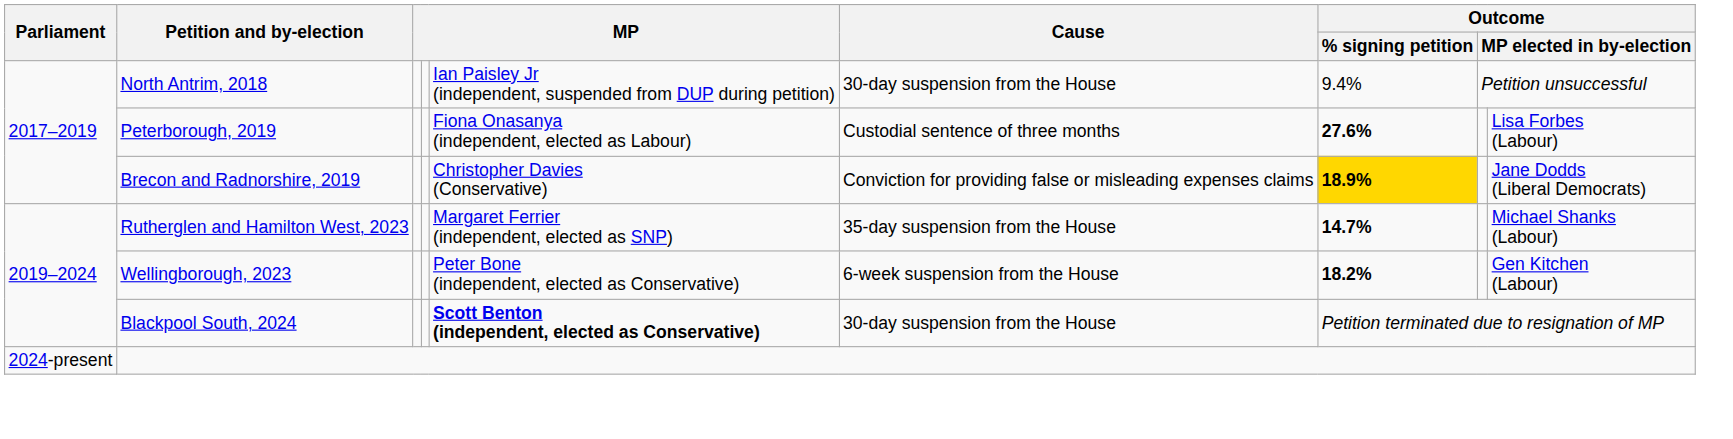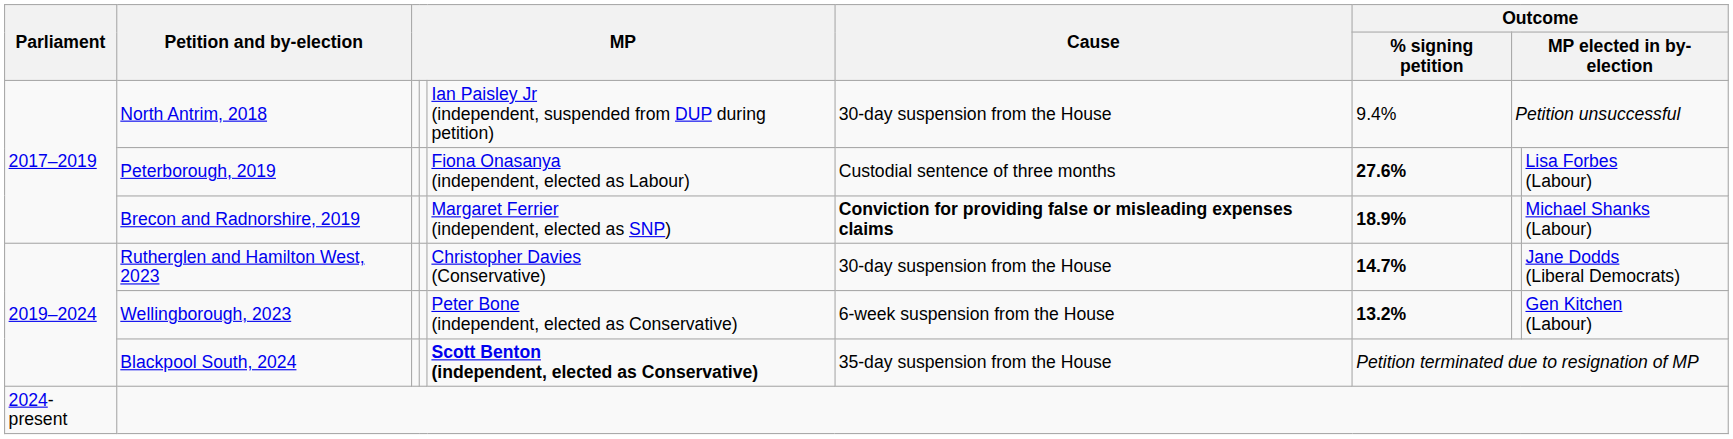 <table class="wikitable">
 <tr>
 <th rowspan="2">Parliament</th>
 <th rowspan="2">Petition and by-election</th>
 <th colspan="3" rowspan="2">MP</th>
 <th rowspan="2">Cause</th>
 <th colspan="3">Outcome</th>
 </tr>
 <tr>
 <th>% signing petition</th>
 <th colspan="2">MP elected in by-election</th>
 </tr>
 <tr>
 <td rowspan="3"><a href='#'>2017–2019</a></td>
 <td><a href='#'>North Antrim, 2018</a></td>
 <td style="background-color: "></td>
 <td style="background-color: "></td>
 <td><a href='#'>Ian Paisley Jr</a><br>(independent, suspended from <a href='#'>DUP</a> during petition)</td>
 <td>30-day suspension from the House</td>
 <td>9.4%</td>
 <td colspan="2"><em>Petition unsuccessful</em></td>
 </tr>
 <tr>
 <td><a href='#'>Peterborough, 2019</a></td>
 <td style="background-color: "></td>
 <td style="background-color: "></td>
 <td><a href='#'>Fiona Onasanya</a><br>(independent, elected as Labour)</td>
 <td>Custodial sentence of three months</td>
 <td><strong>27.6%</strong></td>
 <td style="background-color: "></td>
 <td><a href='#'>Lisa Forbes</a><br>(Labour)</td>
 </tr>
 <tr>
 <td><a href='#'>Brecon and Radnorshire, 2019</a></td>
 <td style="background-color: "></td>
 <td style="background-color: "></td>
-<td><a href='#'>Christopher Davies</a><br>(Conservative)</td>
-<td>Conviction for providing false or misleading expenses claims</td>
-<td style="background: gold;"><strong>18.9%</strong></td>
+<td><a href='#'>Margaret Ferrier</a><br>(independent, elected as <a href='#'>SNP</a>)</td>
+<td><strong>Conviction for providing false or misleading expenses claims</strong></td>
+<td><strong>18.9%</strong></td>
 <td style="background-color: "></td>
-<td><a href='#'>Jane Dodds</a><br>(Liberal Democrats)</td>
+<td><a href='#'>Michael Shanks</a><br>(Labour)</td>
 </tr>
 <tr>
 <td rowspan="3"><a href='#'>2019–2024</a></td>
 <td><a href='#'>Rutherglen and Hamilton West, 2023</a></td>
 <td style="background-color: "></td>
 <td style="background-color: "></td>
-<td><a href='#'>Margaret Ferrier</a><br>(independent, elected as <a href='#'>SNP</a>)</td>
-<td>35-day suspension from the House</td>
+<td><a href='#'>Christopher Davies</a><br>(Conservative)</td>
+<td>30-day suspension from the House</td>
 <td><strong>14.7%</strong></td>
 <td style="background-color: "></td>
-<td><a href='#'>Michael Shanks</a><br>(Labour)</td>
+<td><a href='#'>Jane Dodds</a><br>(Liberal Democrats)</td>
 </tr>
 <tr>
 <td><a href='#'>Wellingborough, 2023</a></td>
 <td style="background-color: "></td>
 <td style="background-color: "></td>
 <td><a href='#'>Peter Bone</a><br>(independent, elected as Conservative)</td>
 <td>6-week suspension from the House</td>
-<td><strong>18.2%</strong></td>
+<td><strong>13.2%</strong></td>
 <td style="background-color: "></td>
 <td><a href='#'>Gen Kitchen</a><br>(Labour)</td>
 </tr>
 <tr>
 <td><a href='#'>Blackpool South, 2024</a></td>
 <td style="background-color: "></td>
 <td style="background-color: "></td>
 <td><strong><a href='#'>Scott Benton</a><br>(independent, elected as Conservative)</strong></td>
-<td>30-day suspension from the House</td>
+<td>35-day suspension from the House</td>
 <td colspan="3"><em>Petition terminated due to resignation of MP</em></td>
 </tr>
 <tr>
 <td><a href='#'>2024</a>-present</td>
 <td colspan="8"></td>
 </tr>
 </table>
